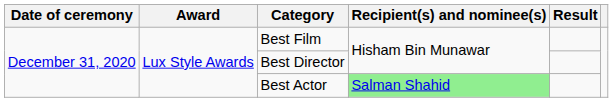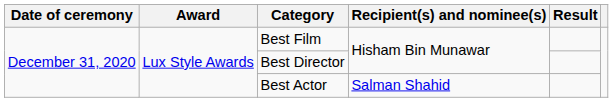 <table class="wikitable sortable">
 <tr>
 <th>Date of ceremony</th>
 <th>Award</th>
 <th>Category</th>
 <th>Recipient(s) and nominee(s)</th>
 <th scope="col" class="unsortable">Result</th>
 <th scope="col" class="unsortable"></th>
 </tr>
 <tr>
 <td Rowspan="7"><a href='#'>December 31, 2020</a></td>
 <td Rowspan="7"><a href='#'>Lux Style Awards</a></td>
 <td>Best Film</td>
 <td Rowspan="2">Hisham Bin Munawar</td>
 <td></td>
 <td Rowspan="7"></td>
 </tr>
 <tr>
 <td>Best Director</td>
 <td></td>
 </tr>
 <tr>
 <td>Best Actor</td>
-<td style="background: lightgreen;"><a href='#'>Salman Shahid</a></td>
+<td><a href='#'>Salman Shahid</a></td>
 <td></td>
 </tr>
 </table>
